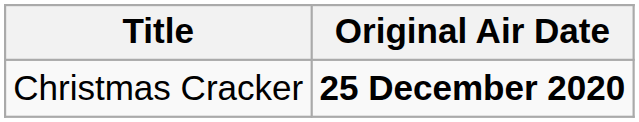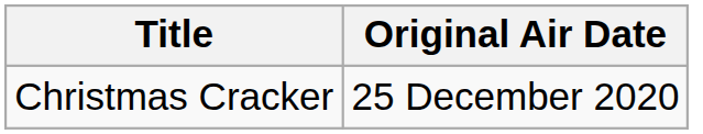 <table class="wikitable" style="text-align:center;">
 <tr>
 <th>Title</th>
 <th>Original Air Date</th>
 </tr>
 <tr>
 <td>Christmas Cracker</td>
-<td><strong>25 December 2020</strong></td>
+<td>25 December 2020</td>
 </tr>
 </table>
